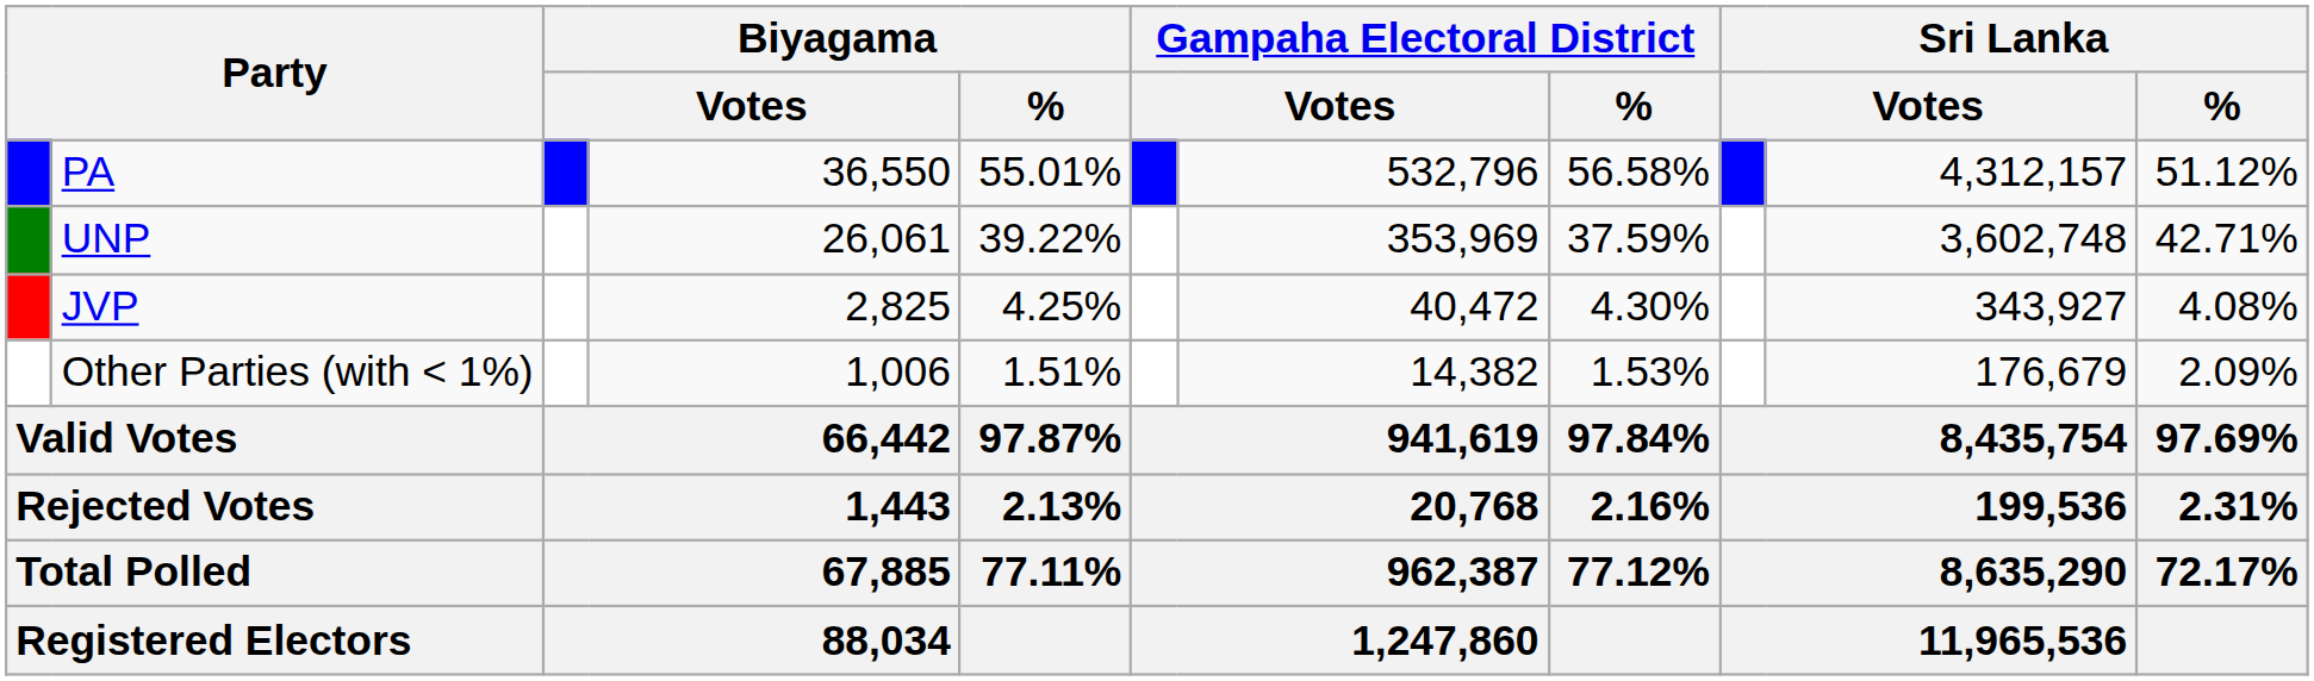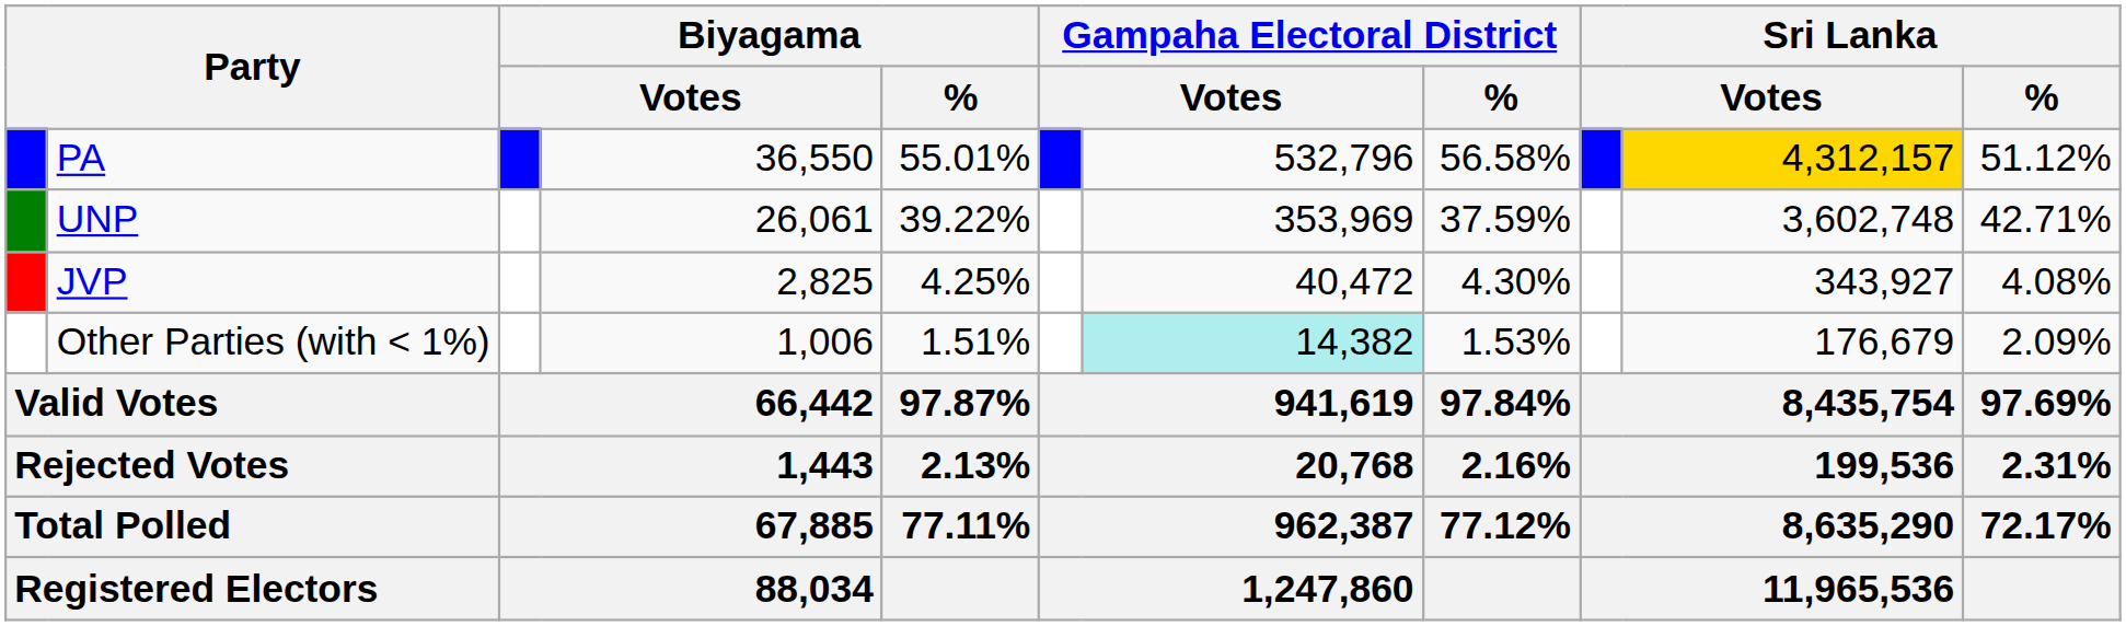 <table class="wikitable">
 <tr>
 <th colspan="2" width="144px"rowspan="2">Party</th>
 <th colspan="3" width="216px">Biyagama</th>
 <th colspan="3" width="216px"><a href='#'>Gampaha Electoral District</a></th>
 <th colspan="3" width="216px">Sri Lanka</th>
 </tr>
 <tr>
 <th colspan="2" width="144px">Votes</th>
 <th>%</th>
 <th colspan="2" width="144px">Votes</th>
 <th>%</th>
 <th colspan="2" width="144px">Votes</th>
 <th>%</th>
 </tr>
 <tr>
 <td style="background-color:blue;" width="10px"></td>
 <td style="text-align:left;"><a href='#'>PA</a></td>
 <td style="background-color:blue;" width="10px"></td>
 <td style="text-align:right;">36,550</td>
 <td style="text-align:right;">55.01%</td>
 <td style="background-color:blue;" width="10px"></td>
 <td style="text-align:right;">532,796</td>
 <td style="text-align:right;">56.58%</td>
 <td style="background-color:blue;" width="10px"></td>
-<td style="text-align:right;">4,312,157</td>
+<td style="background: gold; text-align:right;">4,312,157</td>
 <td style="text-align:right;">51.12%</td>
 </tr>
 <tr>
 <td style="background-color:green;" width="10px"></td>
 <td style="text-align:left;"><a href='#'>UNP</a></td>
 <td style="background-color:white;" width="10px"></td>
 <td style="text-align:right;">26,061</td>
 <td style="text-align:right;">39.22%</td>
 <td style="background-color:white;" width="10px"></td>
 <td style="text-align:right;">353,969</td>
 <td style="text-align:right;">37.59%</td>
 <td style="background-color:white;" width="10px"></td>
 <td style="text-align:right;">3,602,748</td>
 <td style="text-align:right;">42.71%</td>
 </tr>
 <tr>
 <td style="background-color:red;" width="10px"></td>
 <td style="text-align:left;"><a href='#'>JVP</a></td>
 <td style="background-color:white;" width="10px"></td>
 <td style="text-align:right;">2,825</td>
 <td style="text-align:right;">4.25%</td>
 <td style="background-color:white;" width="10px"></td>
 <td style="text-align:right;">40,472</td>
 <td style="text-align:right;">4.30%</td>
 <td style="background-color:white;" width="10px"></td>
 <td style="text-align:right;">343,927</td>
 <td style="text-align:right;">4.08%</td>
 </tr>
 <tr>
 <td style="background-color:white;" width="10px"></td>
 <td style="text-align:left;">Other Parties (with < 1%)</td>
 <td style="background-color:white;" width="10px"></td>
 <td style="text-align:right;">1,006</td>
 <td style="text-align:right;">1.51%</td>
 <td style="background-color:white;" width="10px"></td>
-<td style="text-align:right;">14,382</td>
+<td style="background: paleturquoise; text-align:right;">14,382</td>
 <td style="text-align:right;">1.53%</td>
 <td style="background-color:white;" width="10px"></td>
 <td style="text-align:right;">176,679</td>
 <td style="text-align:right;">2.09%</td>
 </tr>
 <tr>
 <th colspan="2" width="144px"style="text-align:left;">Valid Votes</th>
 <th style="text-align:right;"colspan="2" width="144px">66,442</th>
 <th style="text-align:right;">97.87%</th>
 <th style="text-align:right;"colspan="2" width="144px">941,619</th>
 <th style="text-align:right;">97.84%</th>
 <th style="text-align:right;"colspan="2" width="144px">8,435,754</th>
 <th style="text-align:right;">97.69%</th>
 </tr>
 <tr>
 <th colspan="2" width="144px"style="text-align:left;">Rejected Votes</th>
 <th style="text-align:right;"colspan="2" width="144px">1,443</th>
 <th style="text-align:right;">2.13%</th>
 <th style="text-align:right;"colspan="2" width="144px">20,768</th>
 <th style="text-align:right;">2.16%</th>
 <th style="text-align:right;"colspan="2" width="144px">199,536</th>
 <th style="text-align:right;">2.31%</th>
 </tr>
 <tr>
 <th colspan="2" width="144px"style="text-align:left;">Total Polled</th>
 <th style="text-align:right;"colspan="2" width="144px">67,885</th>
 <th style="text-align:right;">77.11%</th>
 <th style="text-align:right;"colspan="2" width="144px">962,387</th>
 <th style="text-align:right;">77.12%</th>
 <th style="text-align:right;"colspan="2" width="144px">8,635,290</th>
 <th style="text-align:right;">72.17%</th>
 </tr>
 <tr>
 <th colspan="2" width="144px"style="text-align:left;">Registered Electors</th>
 <th style="text-align:right;"colspan="2" width="144px">88,034</th>
 <th></th>
 <th style="text-align:right;"colspan="2" width="144px">1,247,860</th>
 <th></th>
 <th style="text-align:right;"colspan="2" width="144px">11,965,536</th>
 <th></th>
 </tr>
 </table>
